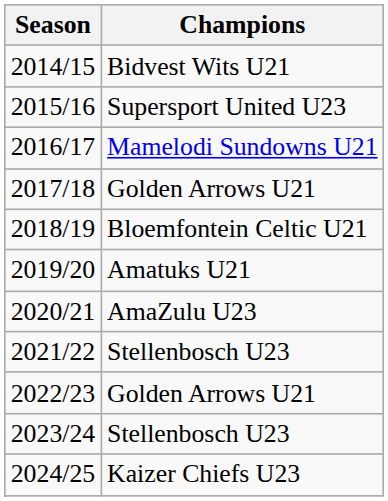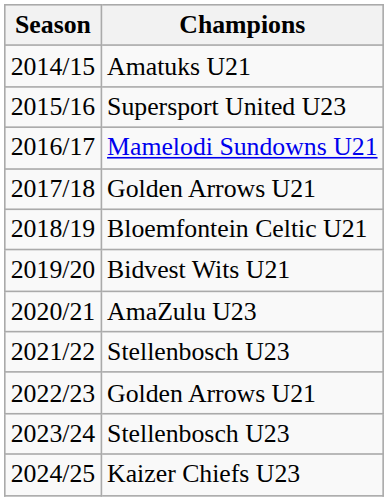 <table class="wikitable">
 <tr>
 <th>Season</th>
 <th>Champions</th>
 </tr>
 <tr>
 <td>2014/15</td>
-<td>Bidvest Wits U21</td>
+<td>Amatuks U21</td>
 </tr>
 <tr>
 <td>2015/16</td>
 <td>Supersport United U23</td>
 </tr>
 <tr>
 <td>2016/17</td>
 <td><a href='#'> Mamelodi Sundowns U21</a></td>
 </tr>
 <tr>
 <td>2017/18</td>
 <td>Golden Arrows U21</td>
 </tr>
 <tr>
 <td>2018/19</td>
 <td>Bloemfontein Celtic U21</td>
 </tr>
 <tr>
 <td>2019/20</td>
-<td>Amatuks U21</td>
+<td>Bidvest Wits U21</td>
 </tr>
 <tr>
 <td>2020/21</td>
 <td>AmaZulu U23</td>
 </tr>
 <tr>
 <td>2021/22</td>
 <td>Stellenbosch U23</td>
 </tr>
 <tr>
 <td>2022/23</td>
 <td>Golden Arrows U21</td>
 </tr>
 <tr>
 <td>2023/24</td>
 <td>Stellenbosch U23</td>
 </tr>
 <tr>
 <td>2024/25</td>
 <td>Kaizer Chiefs U23</td>
 </tr>
 </table>
